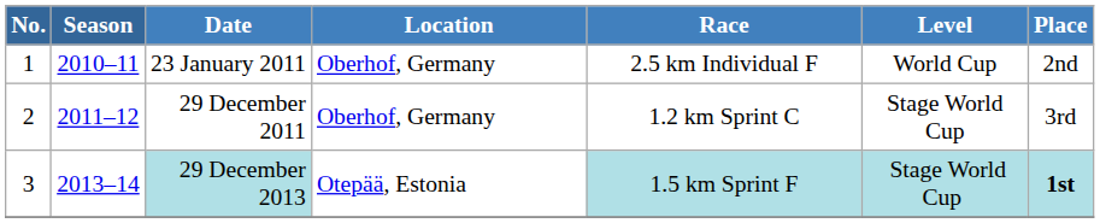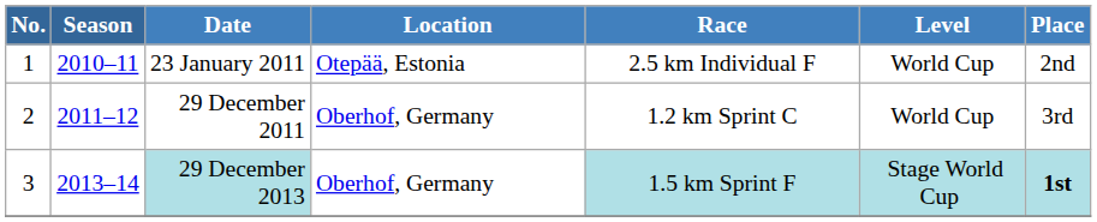 <table class="wikitable sortable" style="font-size:95%; text-align:center; border:grey solid 1px; border-collapse:collapse; background:#ffffff;">
 <tr style="background:#efefef;">
 <th style="background-color:#369; color:white;">No.</th>
 <th style="background-color:#369; color:white;">Season</th>
 <th style="background-color:#4180be; color:white; width:100px;">Date</th>
 <th style="background-color:#4180be; color:white; width:170px;">Location</th>
 <th style="background-color:#4180be; color:white; width:170px;">Race</th>
 <th style="background-color:#4180be; color:white; width:100px;">Level</th>
 <th style="background-color:#4180be; color:white;">Place</th>
 </tr>
 <tr>
 <td align=center>1</td>
 <td rowspan=1 align=center><a href='#'>2010–11</a></td>
 <td align=right>23 January 2011</td>
-<td align=left> <a href='#'>Oberhof</a>, Germany</td>
+<td align=left> <a href='#'>Otepää</a>, Estonia</td>
 <td>2.5 km Individual F</td>
 <td>World Cup</td>
 <td>2nd</td>
 </tr>
 <tr>
 <td align=center>2</td>
 <td rowspan=1 align=center><a href='#'>2011–12</a></td>
 <td align=right>29 December 2011</td>
 <td align=left> <a href='#'>Oberhof</a>, Germany</td>
 <td>1.2 km Sprint C</td>
-<td>Stage World Cup</td>
+<td>World Cup</td>
 <td>3rd</td>
 </tr>
 <tr>
 <td align=center>3</td>
 <td rowspan=1 align=center><a href='#'>2013–14</a></td>
 <td bgcolor="#BOEOE6" align=right>29 December 2013</td>
-<td align=left> <a href='#'>Otepää</a>, Estonia</td>
+<td align=left> <a href='#'>Oberhof</a>, Germany</td>
 <td bgcolor="#BOEOE6"> 1.5 km Sprint F </td>
 <td bgcolor="#BOEOE6"> Stage World Cup </td>
 <td bgcolor="#BOEOE6"> <strong>1st</strong> </td>
 </tr>
 <tr>
 </tr>
 </table>
